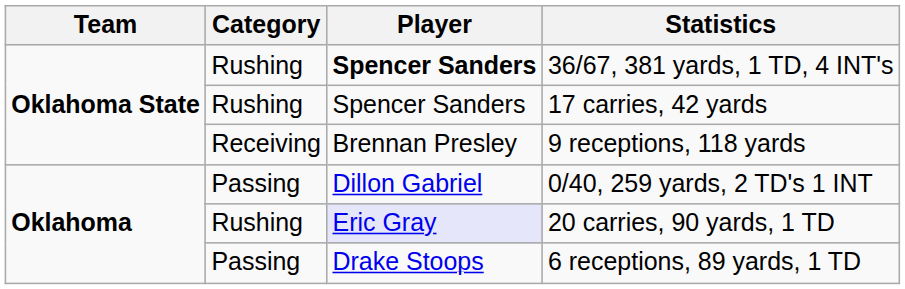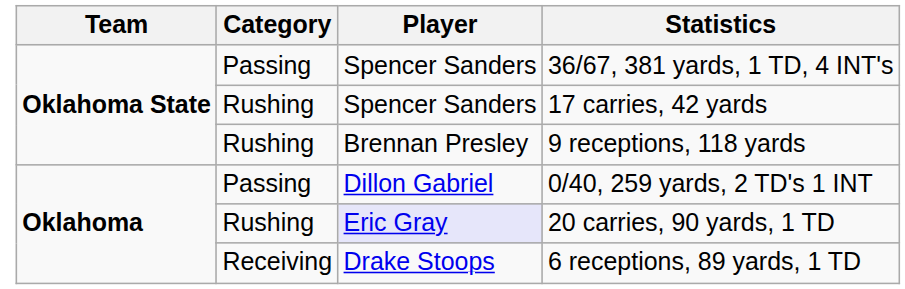 <table class="wikitable" style="float: right;">
 <tr>
 <th>Team</th>
 <th>Category</th>
 <th>Player</th>
 <th>Statistics</th>
 </tr>
 <tr>
 <td rowspan=3><strong>Oklahoma State</strong></td>
-<td>Rushing</td>
-<td><strong>Spencer Sanders</strong></td>
+<td>Passing</td>
+<td>Spencer Sanders</td>
 <td>36/67, 381 yards, 1 TD, 4 INT's</td>
 </tr>
 <tr>
 <td>Rushing</td>
 <td>Spencer Sanders</td>
 <td>17 carries, 42 yards</td>
 </tr>
 <tr>
-<td>Receiving</td>
+<td>Rushing</td>
 <td>Brennan Presley</td>
 <td>9 receptions, 118 yards</td>
 </tr>
 <tr>
 <td rowspan=3><strong>Oklahoma</strong></td>
 <td>Passing</td>
 <td><a href='#'>Dillon Gabriel</a></td>
 <td>0/40, 259 yards, 2 TD's 1 INT</td>
 </tr>
 <tr>
 <td>Rushing</td>
 <td style="background: lavender;"><a href='#'>Eric Gray</a></td>
 <td>20 carries, 90 yards, 1 TD</td>
 </tr>
 <tr>
-<td>Passing</td>
+<td>Receiving</td>
 <td><a href='#'>Drake Stoops</a></td>
 <td>6 receptions, 89 yards, 1 TD</td>
 </tr>
 </table>
